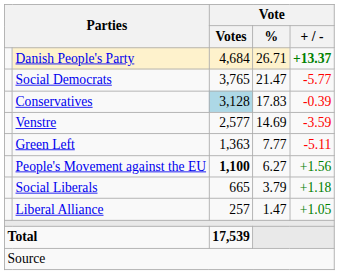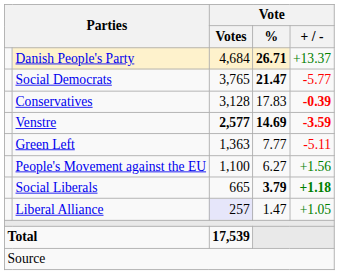 <table class="wikitable" style="text-align:right;">
 <tr>
 <th style="text-align:centre;" rowspan="2" colspan="2" width="225">Parties</th>
 <th colspan="3">Vote</th>
 </tr>
 <tr>
 <th width="15">Votes</th>
 <th width="15">%</th>
 <th width="15">+ / -</th>
 </tr>
 <tr>
 <td width="2" style="color:inherit;background:"></td>
 <td bgcolor=#fef2cc   align="left"><a href='#'>Danish People's Party</a></td>
 <td bgcolor=#fef2cc>4,684</td>
-<td bgcolor=#fef2cc>26.71</td>
-<td style=color:green;><strong>+13.37</strong></td>
+<td bgcolor=#fef2cc><strong>26.71</strong></td>
+<td style=color:green;>+13.37</td>
 </tr>
 <tr>
 <td width="2" style="color:inherit;background:"></td>
 <td align="left"><a href='#'>Social Democrats</a></td>
 <td>3,765</td>
-<td>21.47</td>
+<td><strong>21.47</strong></td>
 <td style=color:red;>-5.77</td>
 </tr>
 <tr>
 <td width="2" style="color:inherit;background:"></td>
 <td align="left"><a href='#'>Conservatives</a></td>
-<td style="background: lightblue;">3,128</td>
+<td>3,128</td>
 <td>17.83</td>
-<td style=color:red;>-0.39</td>
+<td style=color:red;><strong>-0.39</strong></td>
 </tr>
 <tr>
 <td width="2" style="color:inherit;background:"></td>
 <td align="left"><a href='#'>Venstre</a></td>
-<td>2,577</td>
-<td>14.69</td>
-<td style=color:red;>-3.59</td>
+<td><strong>2,577</strong></td>
+<td><strong>14.69</strong></td>
+<td style=color:red;><strong>-3.59</strong></td>
 </tr>
 <tr>
 <td width="2" style="color:inherit;background:"></td>
 <td align="left"><a href='#'>Green Left</a></td>
 <td>1,363</td>
 <td>7.77</td>
 <td style=color:red;>-5.11</td>
 </tr>
 <tr>
 <td width="2" style="color:inherit;background:"></td>
 <td align="left"><a href='#'>People's Movement against the EU</a></td>
-<td><strong>1,100</strong></td>
+<td>1,100</td>
 <td>6.27</td>
 <td style=color:green;>+1.56</td>
 </tr>
 <tr>
 <td width="2" style="color:inherit;background:"></td>
 <td align="left"><a href='#'>Social Liberals</a></td>
 <td>665</td>
-<td>3.79</td>
-<td style=color:green;>+1.18</td>
+<td><strong>3.79</strong></td>
+<td style=color:green;><strong>+1.18</strong></td>
 </tr>
 <tr>
 <td width="2" style="color:inherit;background:"></td>
 <td align="left"><a href='#'>Liberal Alliance</a></td>
-<td>257</td>
+<td style="background: lavender;">257</td>
 <td>1.47</td>
 <td style=color:green;>+1.05</td>
 </tr>
 <tr>
 <td colspan="7" bgcolor="#E9E9E9"></td>
 </tr>
 <tr>
 <td align="left" colspan="2"><strong>Total</strong></td>
 <td><strong>17,539</strong></td>
 <td bgcolor="#E9E9E9" colspan="2"></td>
 </tr>
 <tr>
 <td align="left" colspan="6">Source</td>
 </tr>
 </table>
